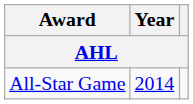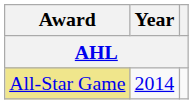 <table class="wikitable">
 <tr>
 <th>Award</th>
 <th>Year</th>
 <th></th>
 </tr>
 <tr>
 <th colspan="3"><a href='#'>AHL</a></th>
 </tr>
 <tr>
-<td><a href='#'>All-Star Game</a></td>
+<td style="background: khaki;"><a href='#'>All-Star Game</a></td>
 <td><a href='#'>2014</a></td>
 <td></td>
 </tr>
 </table>
